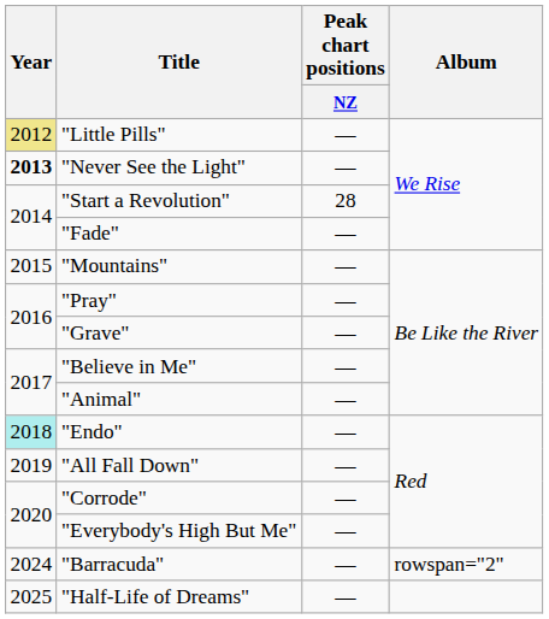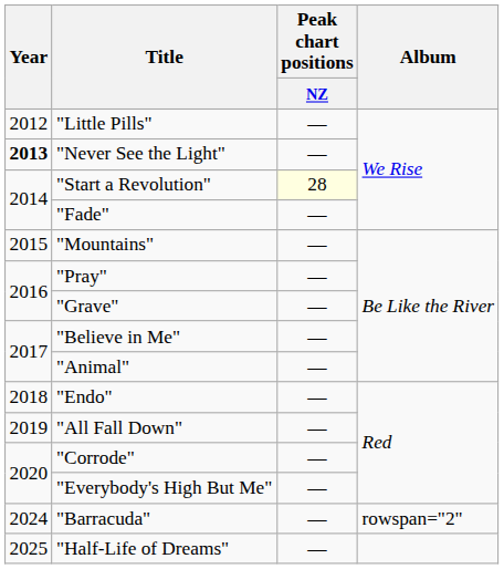 <table class="wikitable plainrowheaders">
 <tr>
 <th rowspan="2"  width="1em">Year</th>
 <th rowspan="2">Title</th>
 <th width="3em">Peak chart positions</th>
 <th rowspan="2">Album</th>
 </tr>
 <tr>
 <th><small><a href='#'>NZ</a></small><br></th>
 </tr>
 <tr>
-<td style="background: khaki;">2012</td>
+<td>2012</td>
 <td>"Little Pills"</td>
 <td align="center">—</td>
 <td rowspan="4"><em><a href='#'>We Rise</a></em></td>
 </tr>
 <tr>
 <td><strong>2013</strong></td>
 <td>"Never See the Light"</td>
 <td align="center">—</td>
 </tr>
 <tr>
 <td rowspan="2">2014</td>
 <td>"Start a Revolution"</td>
-<td align="center">28</td>
+<td align="center" style="background: lightyellow;">28</td>
 </tr>
 <tr>
 <td>"Fade"</td>
 <td align="center">—</td>
 </tr>
 <tr>
 <td>2015</td>
 <td>"Mountains"</td>
 <td align="center">—</td>
 <td rowspan="5"><em>Be Like the River</em></td>
 </tr>
 <tr>
 <td rowspan="2">2016</td>
 <td>"Pray"</td>
 <td align="center">—</td>
 </tr>
 <tr>
 <td>"Grave"</td>
 <td align="center">—</td>
 </tr>
 <tr>
 <td rowspan="2">2017</td>
 <td>"Believe in Me"</td>
 <td align="center">—</td>
 </tr>
 <tr>
 <td>"Animal"</td>
 <td align="center">—</td>
 </tr>
 <tr>
-<td style="background: paleturquoise;">2018</td>
+<td>2018</td>
 <td>"Endo"</td>
 <td align="center">—</td>
 <td rowspan="4"><em>Red</em></td>
 </tr>
 <tr>
 <td>2019</td>
 <td>"All Fall Down"</td>
 <td align="center">—</td>
 </tr>
 <tr>
 <td rowspan="2">2020</td>
 <td>"Corrode"</td>
 <td align="center">—</td>
 </tr>
 <tr>
 <td>"Everybody's High But Me"</td>
 <td align="center">—</td>
 </tr>
 <tr>
 <td>2024</td>
 <td>"Barracuda"</td>
 <td align="center">—</td>
 <td>rowspan="2" </td>
 </tr>
 <tr>
 <td>2025</td>
 <td>"Half-Life of Dreams"</td>
 <td align="center">—</td>
 </tr>
 </table>
